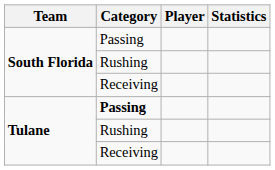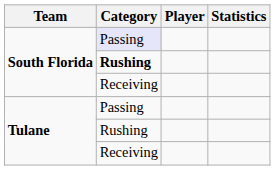 <table class="wikitable" style="float: left;">
 <tr>
 <th>Team</th>
 <th>Category</th>
 <th>Player</th>
 <th>Statistics</th>
 </tr>
 <tr>
 <td rowspan=3><strong>South Florida</strong></td>
+<td style="background: lavender;">Passing</td>
+<td> </td>
+<td> </td>
+</tr>
+<tr>
+<td><strong>Rushing</strong></td>
+<td> </td>
+<td> </td>
+</tr>
+<tr>
+<td>Receiving</td>
+<td> </td>
+<td> </td>
+</tr>
+<tr>
+<td rowspan=3><strong>Tulane</strong></td>
 <td>Passing</td>
 <td> </td>
 <td> </td>
 </tr>
 <tr>
 <td>Rushing</td>
 <td> </td>
 <td> </td>
 </tr>
 <tr>
 <td>Receiving</td>
 <td> </td>
 <td> </td>
 </tr>
-<tr>
-<td rowspan=3><strong>Tulane</strong></td>
-<td><strong>Passing</strong></td>
-<td> </td>
-<td> </td>
-</tr>
-<tr>
-<td>Rushing</td>
-<td> </td>
-<td> </td>
-</tr>
-<tr>
-<td>Receiving</td>
-<td> </td>
-<td> </td>
-</tr>
 </table>
